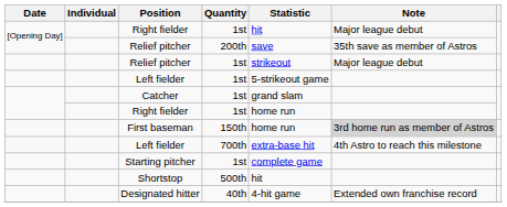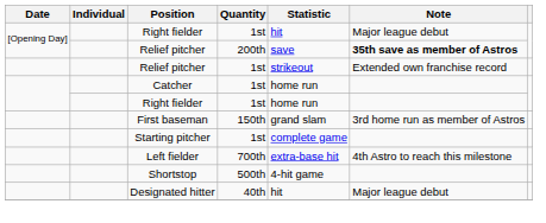 <table class="wikitable sortable" style="font-size: 95%">
 <tr>
 <th>Date</th>
 <th>Individual</th>
 <th>Position</th>
 <th>Quantity</th>
 <th>Statistic</th>
 <th>Note</th>
 <th></th>
 </tr>
 <tr>
 <td rowspan=2> <sup>[Opening Day]</sup></td>
 <td></td>
 <td align=center>Right fielder</td>
 <td align=right>1st</td>
 <td><a href='#'>hit</a></td>
 <td>Major league debut</td>
 <td rowspan=2 align=center></td>
 </tr>
 <tr>
 <td></td>
 <td align=center>Relief pitcher</td>
 <td align=right>200th</td>
 <td><a href='#'>save</a></td>
-<td>35th save as member of Astros</td>
+<td><strong>35th save as member of Astros</strong></td>
 </tr>
 <tr>
 <td></td>
 <td></td>
 <td align=center>Relief pitcher</td>
 <td align=right>1st</td>
 <td><a href='#'>strikeout</a></td>
-<td>Major league debut</td>
-<td align=center></td>
-</tr>
-<tr>
-<td></td>
-<td></td>
-<td align=center>Left fielder</td>
-<td align=right>1st</td>
-<td>5-strikeout game</td>
-<td></td>
+<td>Extended own franchise record</td>
 <td align=center></td>
 </tr>
 <tr>
 <td rowspan=2></td>
 <td></td>
 <td align=center>Catcher</td>
 <td align=right>1st</td>
-<td>grand slam</td>
+<td>home run</td>
 <td></td>
 <td align=center rowspan=2></td>
 </tr>
 <tr>
 <td></td>
 <td align=center>Right fielder</td>
 <td align=right>1st</td>
 <td>home run</td>
 <td></td>
 </tr>
 <tr>
 <td></td>
 <td></td>
 <td align=center>First baseman</td>
 <td align=right>150th</td>
-<td>home run</td>
-<td style="background: lightgrey;">3rd home run as member of Astros</td>
+<td>grand slam</td>
+<td>3rd home run as member of Astros</td>
+<td align=center></td>
+</tr>
+<tr>
+<td></td>
+<td></td>
+<td align=center>Starting pitcher</td>
+<td align=right>1st</td>
+<td><a href='#'>complete game</a></td>
+<td></td>
 <td align=center></td>
 </tr>
 <tr>
 <td></td>
 <td></td>
 <td align=center>Left fielder</td>
 <td align=right>700th</td>
 <td><a href='#'>extra-base hit</a></td>
 <td>4th Astro to reach this milestone</td>
 <td align=center></td>
 </tr>
 <tr>
 <td></td>
 <td></td>
-<td align=center>Starting pitcher</td>
-<td align=right>1st</td>
-<td><a href='#'>complete game</a></td>
-<td></td>
-<td align=center></td>
-</tr>
-<tr>
-<td></td>
-<td></td>
 <td align=center>Shortstop</td>
 <td align=right>500th</td>
-<td>hit</td>
+<td>4-hit game</td>
 <td></td>
 <td align=center></td>
 </tr>
 <tr>
 <td></td>
 <td></td>
 <td align=center>Designated hitter</td>
 <td align=right>40th</td>
-<td>4-hit game</td>
-<td>Extended own franchise record</td>
+<td>hit</td>
+<td>Major league debut</td>
 <td align=center></td>
 </tr>
 <tr>
 </tr>
 </table>
